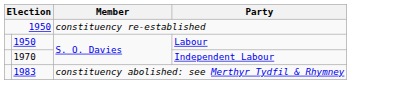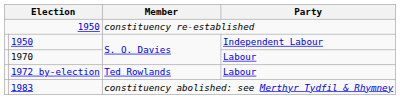 <table class="wikitable">
 <tr>
 <th colspan="2">Election</th>
 <th>Member</th>
 <th>Party</th>
 </tr>
 <tr>
 <td colspan="2" align="right"><a href='#'>1950</a></td>
 <td colspan="2"><em>constituency re-established</em></td>
 </tr>
 <tr>
 <td style="color:inherit;background-color: "></td>
 <td><a href='#'>1950</a></td>
 <td rowspan=2><a href='#'>S. O. Davies</a></td>
+<td><a href='#'>Independent Labour</a></td>
+</tr>
+<tr>
+<td style="color:inherit;background-color: "></td>
+<td>1970</td>
 <td><a href='#'>Labour</a></td>
 </tr>
 <tr>
 <td style="color:inherit;background-color: "></td>
-<td>1970</td>
-<td><a href='#'>Independent Labour</a></td>
+<td><a href='#'>1972 by-election</a></td>
+<td><a href='#'>Ted Rowlands</a></td>
+<td><a href='#'>Labour</a></td>
 </tr>
 <tr>
 <td></td>
 <td><a href='#'>1983</a></td>
 <td colspan="2"><em>constituency abolished: see <a href='#'>Merthyr Tydfil & Rhymney</a></em></td>
 </tr>
 </table>
